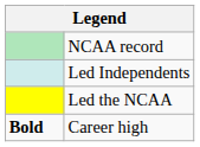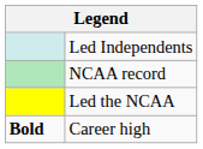 <table class="wikitable">
 <tr>
 <th colspan="2">Legend</th>
 </tr>
 <tr>
+<td style="background:#cfecec; width:3em;"></td>
+<td>Led Independents</td>
+</tr>
+<tr>
 <td style="background:#afe6ba; width:3em;"></td>
 <td>NCAA record</td>
-</tr>
-<tr>
-<td style="background:#cfecec; width:3em;"></td>
-<td>Led Independents</td>
 </tr>
 <tr>
 <td style="background:#ff0; width:3em;"></td>
 <td>Led the NCAA</td>
 </tr>
 <tr>
 <td><strong>Bold</strong></td>
 <td>Career high</td>
 </tr>
 </table>
